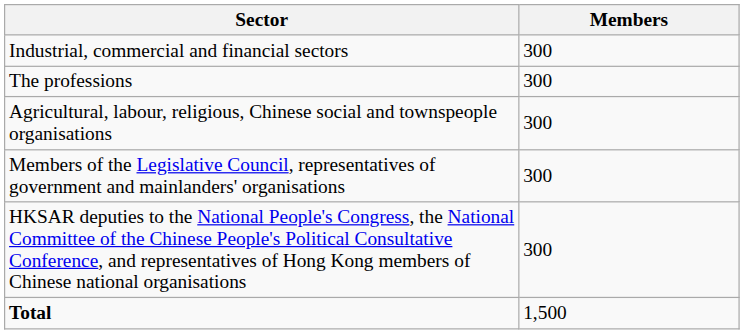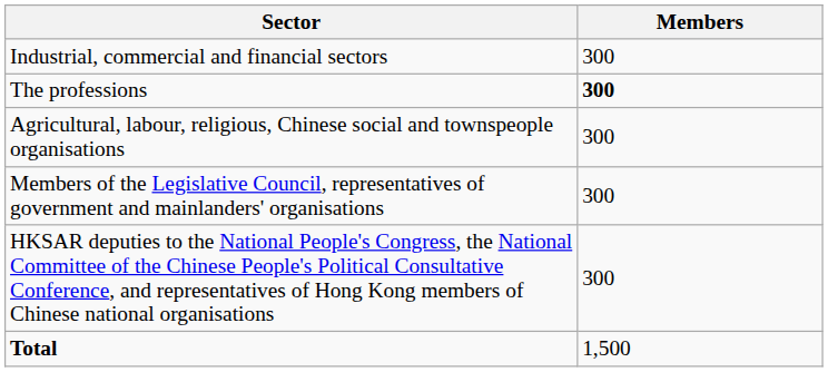 <table class="wikitable">
 <tr>
 <th width=70%>Sector</th>
 <th width=30%>Members</th>
 </tr>
 <tr>
 <td>Industrial, commercial and financial sectors</td>
 <td>300</td>
 </tr>
 <tr>
 <td>The professions</td>
-<td>300</td>
+<td><strong>300</strong></td>
 </tr>
 <tr>
 <td>Agricultural, labour, religious, Chinese social and townspeople organisations</td>
 <td>300</td>
 </tr>
 <tr>
 <td>Members of the <a href='#'>Legislative Council</a>, representatives of government and mainlanders' organisations</td>
 <td>300</td>
 </tr>
 <tr>
 <td>HKSAR deputies to the <a href='#'>National People's Congress</a>, the <a href='#'>National Committee of the Chinese People's Political Consultative Conference</a>, and representatives of Hong Kong members of Chinese national organisations</td>
 <td>300</td>
 </tr>
 <tr>
 <td><strong>Total</strong></td>
 <td>1,500</td>
 </tr>
 </table>
